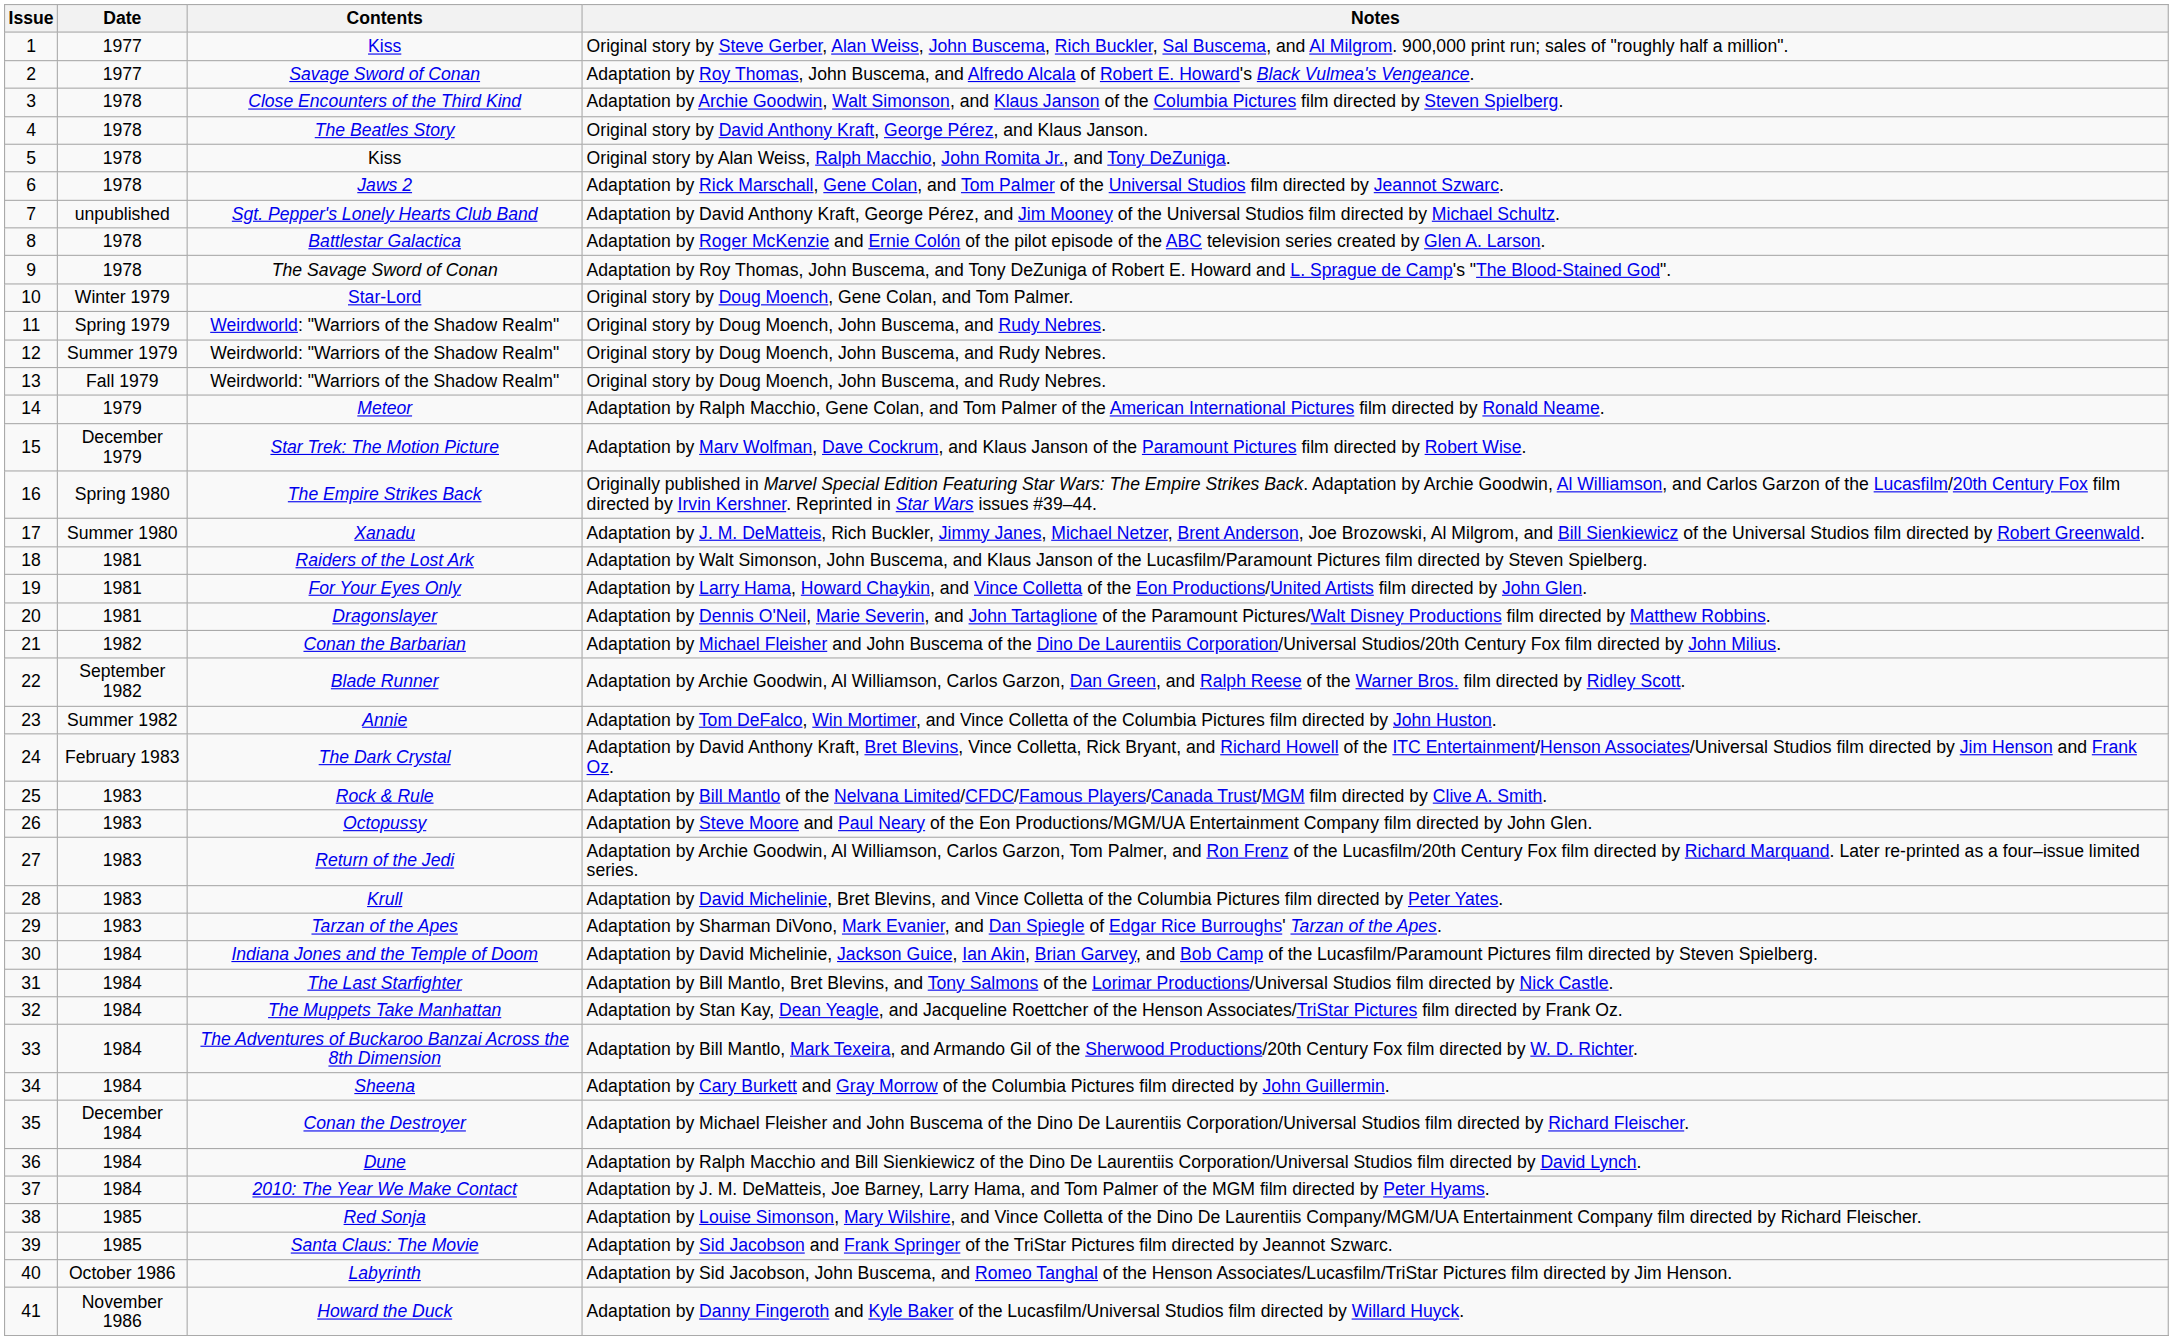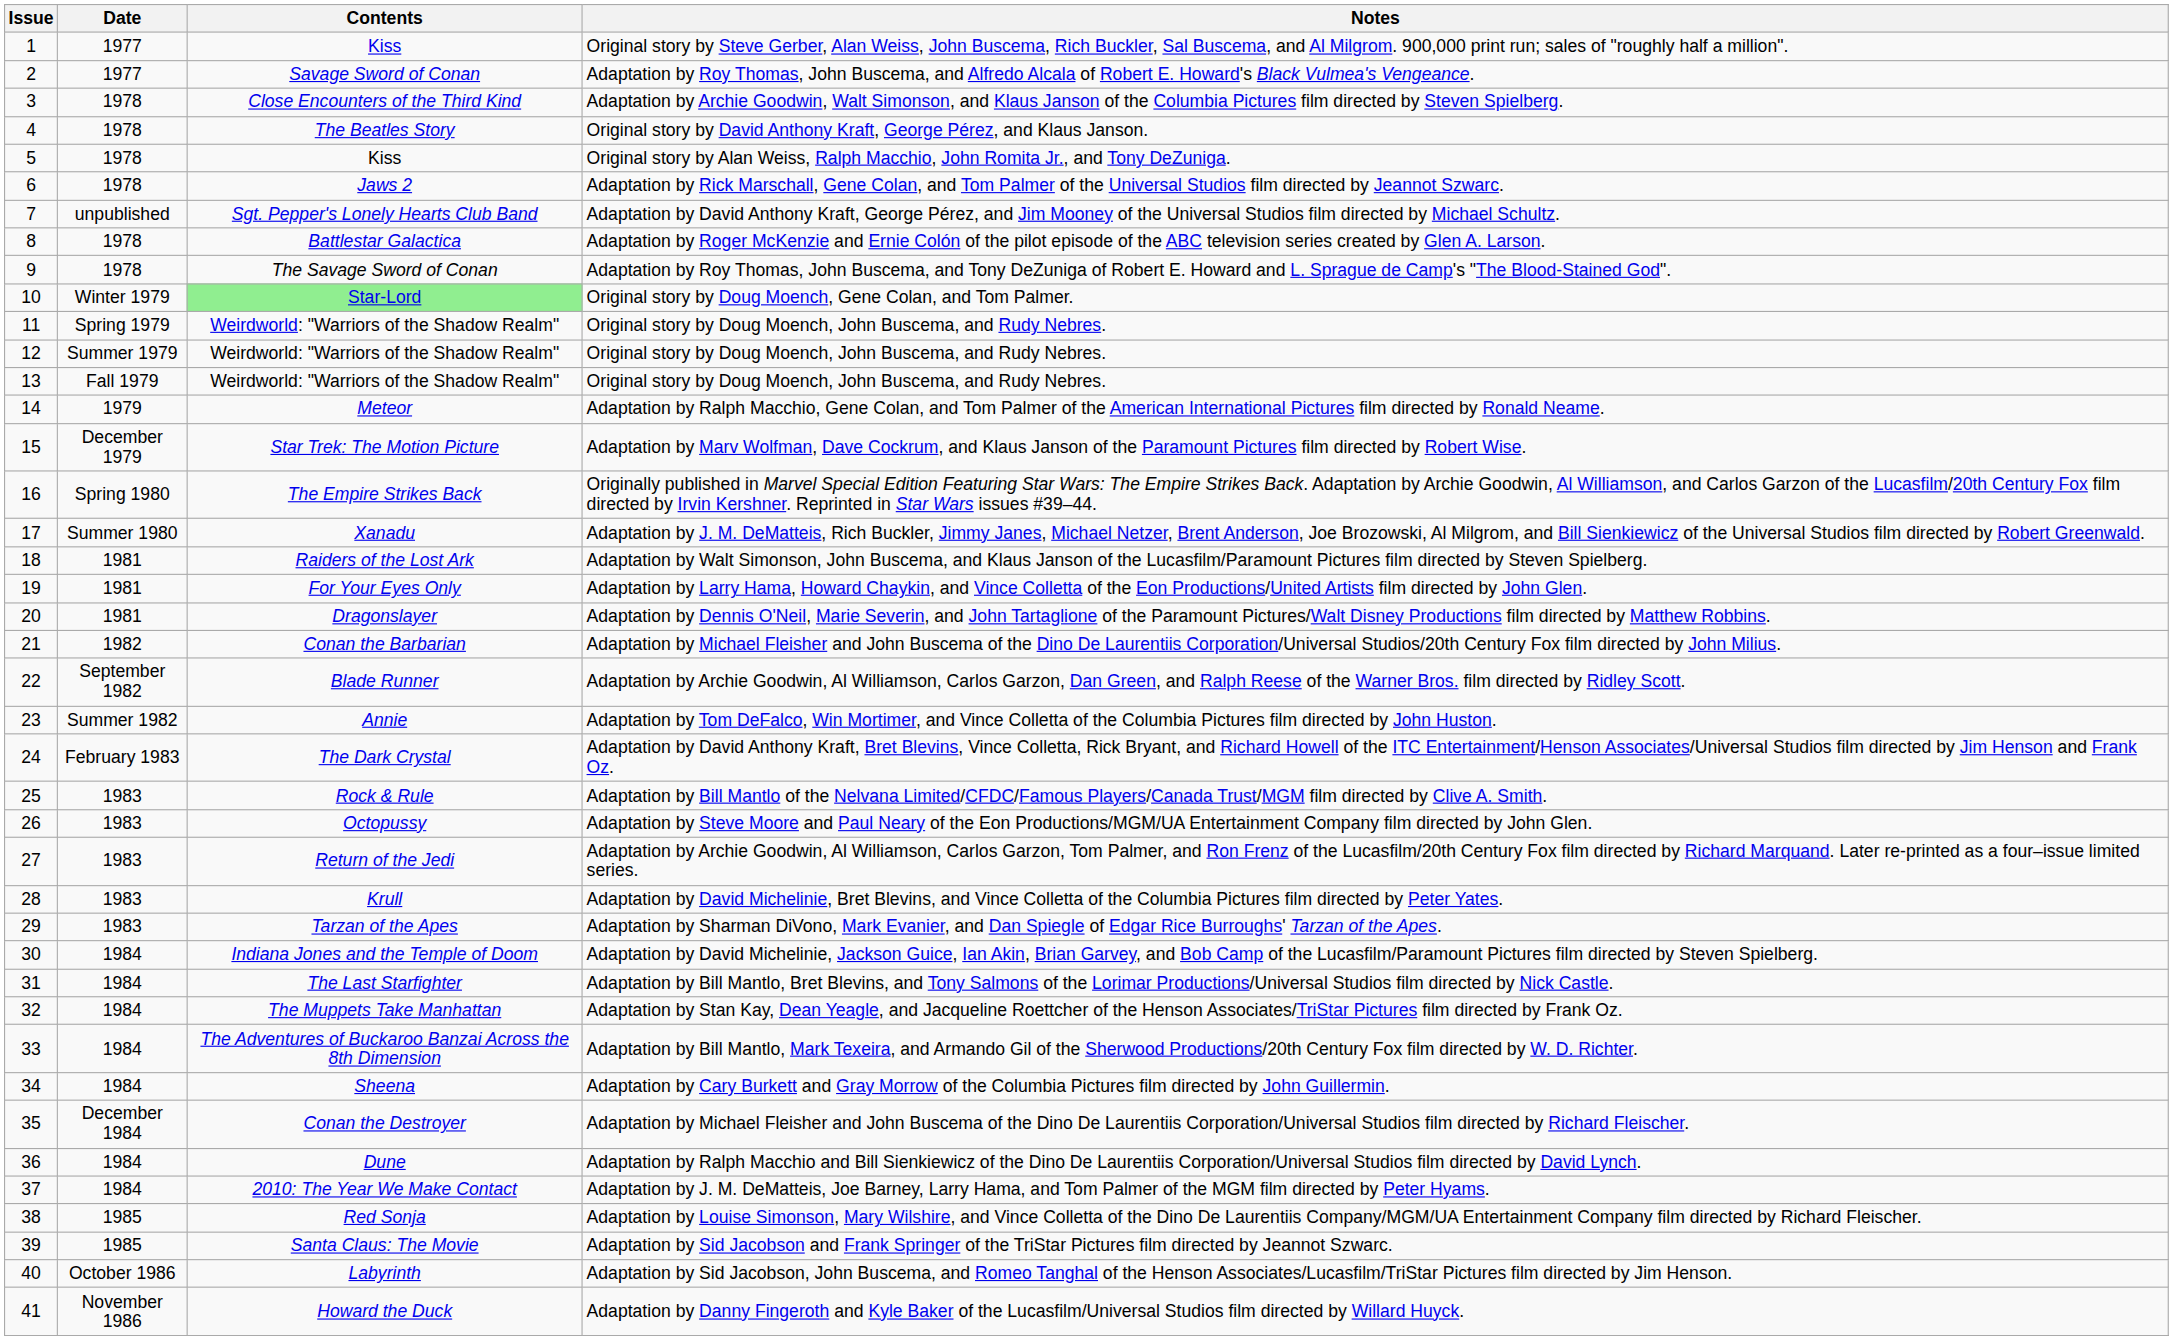 <table class="wikitable">
 <tr>
 <th>Issue</th>
 <th>Date</th>
 <th>Contents</th>
 <th>Notes</th>
 </tr>
 <tr>
 <td align="center">1</td>
 <td align="center">1977</td>
 <td align="center"><a href='#'>Kiss</a></td>
 <td>Original story by <a href='#'>Steve Gerber</a>, <a href='#'>Alan Weiss</a>, <a href='#'>John Buscema</a>, <a href='#'>Rich Buckler</a>, <a href='#'>Sal Buscema</a>, and <a href='#'>Al Milgrom</a>. 900,000 print run; sales of "roughly half a million".</td>
 </tr>
 <tr>
 <td align="center">2</td>
 <td align="center">1977</td>
 <td align="center"><em><a href='#'>Savage Sword of Conan</a></em></td>
 <td>Adaptation by <a href='#'>Roy Thomas</a>, John Buscema, and <a href='#'>Alfredo Alcala</a> of <a href='#'>Robert E. Howard</a>'s <em><a href='#'>Black Vulmea's Vengeance</a></em>.</td>
 </tr>
 <tr>
 <td align="center">3</td>
 <td align="center">1978</td>
 <td align="center"><em><a href='#'>Close Encounters of the Third Kind</a></em></td>
 <td>Adaptation by <a href='#'>Archie Goodwin</a>, <a href='#'>Walt Simonson</a>, and <a href='#'>Klaus Janson</a> of the <a href='#'>Columbia Pictures</a> film directed by <a href='#'>Steven Spielberg</a>.</td>
 </tr>
 <tr>
 <td align="center">4</td>
 <td align="center">1978</td>
 <td align="center"><em><a href='#'>The Beatles Story</a></em></td>
 <td>Original story by <a href='#'>David Anthony Kraft</a>, <a href='#'>George Pérez</a>, and Klaus Janson.</td>
 </tr>
 <tr>
 <td align="center">5</td>
 <td align="center">1978</td>
 <td align="center">Kiss</td>
 <td>Original story by Alan Weiss, <a href='#'>Ralph Macchio</a>, <a href='#'>John Romita Jr.</a>, and <a href='#'>Tony DeZuniga</a>.</td>
 </tr>
 <tr>
 <td align="center">6</td>
 <td align="center">1978</td>
 <td align="center"><em><a href='#'>Jaws 2</a></em></td>
 <td>Adaptation by <a href='#'>Rick Marschall</a>, <a href='#'>Gene Colan</a>, and <a href='#'>Tom Palmer</a> of the <a href='#'>Universal Studios</a> film directed by <a href='#'>Jeannot Szwarc</a>.</td>
 </tr>
 <tr>
 <td align="center">7</td>
 <td align="center">unpublished</td>
 <td align="center"><em><a href='#'>Sgt. Pepper's Lonely Hearts Club Band</a></em></td>
 <td>Adaptation by David Anthony Kraft, George Pérez, and <a href='#'>Jim Mooney</a> of the Universal Studios film directed by <a href='#'>Michael Schultz</a>.</td>
 </tr>
 <tr>
 <td align="center">8</td>
 <td align="center">1978</td>
 <td align="center"><em><a href='#'>Battlestar Galactica</a></em></td>
 <td>Adaptation by <a href='#'>Roger McKenzie</a> and <a href='#'>Ernie Colón</a> of the pilot episode of the <a href='#'>ABC</a> television series created by <a href='#'>Glen A. Larson</a>.</td>
 </tr>
 <tr>
 <td align="center">9</td>
 <td align="center">1978</td>
 <td align="center"><em>The Savage Sword of Conan</em></td>
 <td>Adaptation by Roy Thomas, John Buscema, and Tony DeZuniga of Robert E. Howard and <a href='#'>L. Sprague de Camp</a>'s "<a href='#'>The Blood-Stained God</a>".</td>
 </tr>
 <tr>
 <td align="center">10</td>
 <td align="center">Winter 1979</td>
-<td align="center"><a href='#'>Star-Lord</a></td>
+<td align="center" style="background: lightgreen;"><a href='#'>Star-Lord</a></td>
 <td>Original story by <a href='#'>Doug Moench</a>, Gene Colan, and Tom Palmer.</td>
 </tr>
 <tr>
 <td align="center">11</td>
 <td align="center">Spring 1979</td>
 <td align="center"><a href='#'>Weirdworld</a>: "Warriors of the Shadow Realm"</td>
 <td>Original story by Doug Moench, John Buscema, and <a href='#'>Rudy Nebres</a>.</td>
 </tr>
 <tr>
 <td align="center">12</td>
 <td align="center">Summer 1979</td>
 <td align="center">Weirdworld: "Warriors of the Shadow Realm"</td>
 <td>Original story by Doug Moench, John Buscema, and Rudy Nebres.</td>
 </tr>
 <tr>
 <td align="center">13</td>
 <td align="center">Fall 1979</td>
 <td align="center">Weirdworld: "Warriors of the Shadow Realm"</td>
 <td>Original story by Doug Moench, John Buscema, and Rudy Nebres.</td>
 </tr>
 <tr>
 <td align="center">14</td>
 <td align="center">1979</td>
 <td align="center"><em><a href='#'>Meteor</a></em></td>
 <td>Adaptation by Ralph Macchio, Gene Colan, and Tom Palmer of the <a href='#'>American International Pictures</a> film directed by <a href='#'>Ronald Neame</a>.</td>
 </tr>
 <tr>
 <td align="center">15</td>
 <td align="center">December 1979</td>
 <td align="center"><em><a href='#'>Star Trek: The Motion Picture</a></em></td>
 <td>Adaptation by <a href='#'>Marv Wolfman</a>, <a href='#'>Dave Cockrum</a>, and Klaus Janson of the <a href='#'>Paramount Pictures</a> film directed by <a href='#'>Robert Wise</a>.</td>
 </tr>
 <tr>
 <td align="center">16</td>
 <td align="center">Spring 1980</td>
 <td align="center"><em><a href='#'>The Empire Strikes Back</a></em></td>
 <td>Originally published in <em>Marvel Special Edition Featuring Star Wars: The Empire Strikes Back</em>. Adaptation by Archie Goodwin, <a href='#'>Al Williamson</a>, and Carlos Garzon of the <a href='#'>Lucasfilm</a>/<a href='#'>20th Century Fox</a> film directed by <a href='#'>Irvin Kershner</a>. Reprinted in <em><a href='#'>Star Wars</a></em> issues #39–44.</td>
 </tr>
 <tr>
 <td align="center">17</td>
 <td align="center">Summer 1980</td>
 <td align="center"><em><a href='#'>Xanadu</a></em></td>
 <td>Adaptation by <a href='#'>J. M. DeMatteis</a>, Rich Buckler, <a href='#'>Jimmy Janes</a>, <a href='#'>Michael Netzer</a>, <a href='#'>Brent Anderson</a>, Joe Brozowski, Al Milgrom, and <a href='#'>Bill Sienkiewicz</a> of the Universal Studios film directed by <a href='#'>Robert Greenwald</a>.</td>
 </tr>
 <tr>
 <td align="center">18</td>
 <td align="center">1981</td>
 <td align="center"><em><a href='#'>Raiders of the Lost Ark</a></em></td>
 <td>Adaptation by Walt Simonson, John Buscema, and Klaus Janson of the Lucasfilm/Paramount Pictures film directed by Steven Spielberg.</td>
 </tr>
 <tr>
 <td align="center">19</td>
 <td align="center">1981</td>
 <td align="center"><em><a href='#'>For Your Eyes Only</a></em></td>
 <td>Adaptation by <a href='#'>Larry Hama</a>, <a href='#'>Howard Chaykin</a>, and <a href='#'>Vince Colletta</a> of the <a href='#'>Eon Productions</a>/<a href='#'>United Artists</a> film directed by <a href='#'>John Glen</a>.</td>
 </tr>
 <tr>
 <td align="center">20</td>
 <td align="center">1981</td>
 <td align="center"><em><a href='#'>Dragonslayer</a></em></td>
 <td>Adaptation by <a href='#'>Dennis O'Neil</a>, <a href='#'>Marie Severin</a>, and <a href='#'>John Tartaglione</a> of the Paramount Pictures/<a href='#'>Walt Disney Productions</a> film directed by <a href='#'>Matthew Robbins</a>.</td>
 </tr>
 <tr>
 <td align="center">21</td>
 <td align="center">1982</td>
 <td align="center"><em><a href='#'>Conan the Barbarian</a></em></td>
 <td>Adaptation by <a href='#'>Michael Fleisher</a> and John Buscema of the <a href='#'>Dino De Laurentiis Corporation</a>/Universal Studios/20th Century Fox film directed by <a href='#'>John Milius</a>.</td>
 </tr>
 <tr>
 <td align="center">22</td>
 <td align="center">September 1982</td>
 <td align="center"><em><a href='#'>Blade Runner</a></em></td>
 <td>Adaptation by Archie Goodwin, Al Williamson, Carlos Garzon, <a href='#'>Dan Green</a>, and <a href='#'>Ralph Reese</a> of the <a href='#'>Warner Bros.</a> film directed by <a href='#'>Ridley Scott</a>.</td>
 </tr>
 <tr>
 <td align="center">23</td>
 <td align="center">Summer 1982</td>
 <td align="center"><em><a href='#'>Annie</a></em></td>
 <td>Adaptation by <a href='#'>Tom DeFalco</a>, <a href='#'>Win Mortimer</a>, and Vince Colletta of the Columbia Pictures film directed by <a href='#'>John Huston</a>.</td>
 </tr>
 <tr>
 <td align="center">24</td>
 <td align="center">February 1983</td>
 <td align="center"><em><a href='#'>The Dark Crystal</a></em></td>
 <td>Adaptation by David Anthony Kraft, <a href='#'>Bret Blevins</a>, Vince Colletta, Rick Bryant, and <a href='#'>Richard Howell</a> of the <a href='#'>ITC Entertainment</a>/<a href='#'>Henson Associates</a>/Universal Studios film directed by <a href='#'>Jim Henson</a> and <a href='#'>Frank Oz</a>.</td>
 </tr>
 <tr>
 <td align="center">25</td>
 <td align="center">1983</td>
 <td align="center"><em><a href='#'>Rock & Rule</a></em></td>
 <td>Adaptation by <a href='#'>Bill Mantlo</a> of the <a href='#'>Nelvana Limited</a>/<a href='#'>CFDC</a>/<a href='#'>Famous Players</a>/<a href='#'>Canada Trust</a>/<a href='#'>MGM</a> film directed by <a href='#'>Clive A. Smith</a>.</td>
 </tr>
 <tr>
 <td align="center">26</td>
 <td align="center">1983</td>
 <td align="center"><em><a href='#'>Octopussy</a></em></td>
 <td>Adaptation by <a href='#'>Steve Moore</a> and <a href='#'>Paul Neary</a> of the Eon Productions/MGM/UA Entertainment Company film directed by John Glen.</td>
 </tr>
 <tr>
 <td align="center">27</td>
 <td align="center">1983</td>
 <td align="center"><em><a href='#'>Return of the Jedi</a></em></td>
 <td>Adaptation by Archie Goodwin, Al Williamson, Carlos Garzon, Tom Palmer, and <a href='#'>Ron Frenz</a> of the Lucasfilm/20th Century Fox film directed by <a href='#'>Richard Marquand</a>. Later re-printed as a four–issue limited series.</td>
 </tr>
 <tr>
 <td align="center">28</td>
 <td align="center">1983</td>
 <td align="center"><em><a href='#'>Krull</a></em></td>
 <td>Adaptation by <a href='#'>David Michelinie</a>, Bret Blevins, and Vince Colletta of the Columbia Pictures film directed by <a href='#'>Peter Yates</a>.</td>
 </tr>
 <tr>
 <td align="center">29</td>
 <td align="center">1983</td>
 <td align="center"><em><a href='#'>Tarzan of the Apes</a></em></td>
 <td>Adaptation by Sharman DiVono, <a href='#'>Mark Evanier</a>, and <a href='#'>Dan Spiegle</a> of <a href='#'>Edgar Rice Burroughs</a>' <em><a href='#'>Tarzan of the Apes</a></em>.</td>
 </tr>
 <tr>
 <td align="center">30</td>
 <td align="center">1984</td>
 <td align="center"><em><a href='#'>Indiana Jones and the Temple of Doom</a></em></td>
 <td>Adaptation by David Michelinie, <a href='#'>Jackson Guice</a>, <a href='#'>Ian Akin</a>, <a href='#'>Brian Garvey</a>, and <a href='#'>Bob Camp</a> of the Lucasfilm/Paramount Pictures film directed by Steven Spielberg.</td>
 </tr>
 <tr>
 <td align="center">31</td>
 <td align="center">1984</td>
 <td align="center"><em><a href='#'>The Last Starfighter</a></em></td>
 <td>Adaptation by Bill Mantlo, Bret Blevins, and <a href='#'>Tony Salmons</a> of the <a href='#'>Lorimar Productions</a>/Universal Studios film directed by <a href='#'>Nick Castle</a>.</td>
 </tr>
 <tr>
 <td align="center">32</td>
 <td align="center">1984</td>
 <td align="center"><em><a href='#'>The Muppets Take Manhattan</a></em></td>
 <td>Adaptation by Stan Kay, <a href='#'>Dean Yeagle</a>, and Jacqueline Roettcher of the Henson Associates/<a href='#'>TriStar Pictures</a> film directed by Frank Oz.</td>
 </tr>
 <tr>
 <td align="center">33</td>
 <td align="center">1984</td>
 <td align="center"><em><a href='#'>The Adventures of Buckaroo Banzai Across the 8th Dimension</a></em></td>
 <td>Adaptation by Bill Mantlo, <a href='#'>Mark Texeira</a>, and Armando Gil of the <a href='#'>Sherwood Productions</a>/20th Century Fox film directed by <a href='#'>W. D. Richter</a>.</td>
 </tr>
 <tr>
 <td align="center">34</td>
 <td align="center">1984</td>
 <td align="center"><em><a href='#'>Sheena</a></em></td>
 <td>Adaptation by <a href='#'>Cary Burkett</a> and <a href='#'>Gray Morrow</a> of the Columbia Pictures film directed by <a href='#'>John Guillermin</a>.</td>
 </tr>
 <tr>
 <td align="center">35</td>
 <td align="center">December 1984</td>
 <td align="center"><em><a href='#'>Conan the Destroyer</a></em></td>
 <td>Adaptation by Michael Fleisher and John Buscema of the Dino De Laurentiis Corporation/Universal Studios film directed by <a href='#'>Richard Fleischer</a>.</td>
 </tr>
 <tr>
 <td align="center">36</td>
 <td align="center">1984</td>
 <td align="center"><em><a href='#'>Dune</a></em></td>
 <td>Adaptation by Ralph Macchio and Bill Sienkiewicz of the Dino De Laurentiis Corporation/Universal Studios film directed by <a href='#'>David Lynch</a>.</td>
 </tr>
 <tr>
 <td align="center">37</td>
 <td align="center">1984</td>
 <td align="center"><em><a href='#'>2010: The Year We Make Contact</a></em></td>
 <td>Adaptation by J. M. DeMatteis, Joe Barney, Larry Hama, and Tom Palmer of the MGM film directed by <a href='#'>Peter Hyams</a>.</td>
 </tr>
 <tr>
 <td align="center">38</td>
 <td align="center">1985</td>
 <td align="center"><em><a href='#'>Red Sonja</a></em></td>
 <td>Adaptation by <a href='#'>Louise Simonson</a>, <a href='#'>Mary Wilshire</a>, and Vince Colletta of the Dino De Laurentiis Company/MGM/UA Entertainment Company film directed by Richard Fleischer.</td>
 </tr>
 <tr>
 <td align="center">39</td>
 <td align="center">1985</td>
 <td align="center"><em><a href='#'>Santa Claus: The Movie</a></em></td>
 <td>Adaptation by <a href='#'>Sid Jacobson</a> and <a href='#'>Frank Springer</a> of the TriStar Pictures film directed by Jeannot Szwarc.</td>
 </tr>
 <tr>
 <td align="center">40</td>
 <td align="center">October 1986</td>
 <td align="center"><em><a href='#'>Labyrinth</a></em></td>
 <td>Adaptation by Sid Jacobson, John Buscema, and <a href='#'>Romeo Tanghal</a> of the Henson Associates/Lucasfilm/TriStar Pictures film directed by Jim Henson.</td>
 </tr>
 <tr>
 <td align="center">41</td>
 <td align="center">November 1986</td>
 <td align="center"><em><a href='#'>Howard the Duck</a></em></td>
 <td>Adaptation by <a href='#'>Danny Fingeroth</a> and <a href='#'>Kyle Baker</a> of the Lucasfilm/Universal Studios film directed by <a href='#'>Willard Huyck</a>.</td>
 </tr>
 <tr>
 </tr>
 </table>
